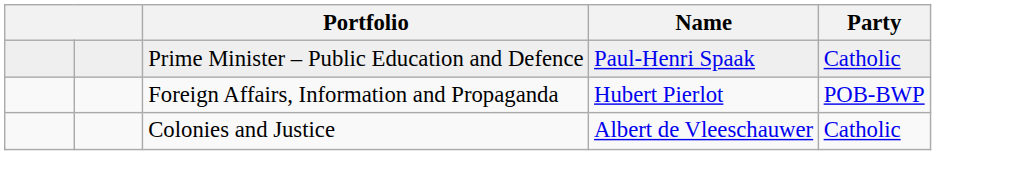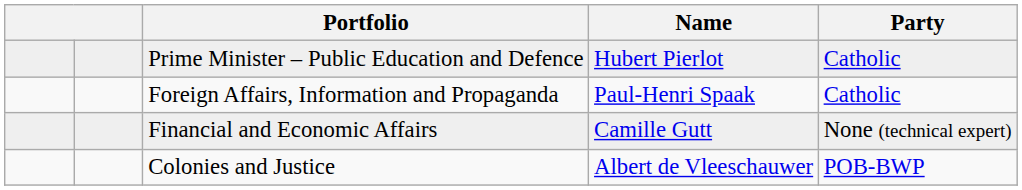 <table class="wikitable sortable">
 <tr>
 <th colspan="2" width=90></th>
 <th>Portfolio</th>
 <th>Name</th>
 <th>Party</th>
 </tr>
 <tr bgcolor="efefef">
 <td style="background: "></td>
 <td></td>
 <td>Prime Minister – Public Education and Defence</td>
-<td><a href='#'>Paul-Henri Spaak</a></td>
+<td><a href='#'>Hubert Pierlot</a></td>
 <td><a href='#'>Catholic</a></td>
 </tr>
 <tr>
 <td style="background: "></td>
 <td></td>
 <td>Foreign Affairs, Information and Propaganda</td>
-<td><a href='#'>Hubert Pierlot</a></td>
-<td><a href='#'>POB-BWP</a></td>
+<td><a href='#'>Paul-Henri Spaak</a></td>
+<td><a href='#'>Catholic</a></td>
+</tr>
+<tr bgcolor="efefef">
+<td></td>
+<td></td>
+<td>Financial and Economic Affairs</td>
+<td><a href='#'>Camille Gutt</a></td>
+<td>None <small>(technical expert)</small></td>
 </tr>
 <tr>
 <td style="background: "></td>
 <td></td>
 <td>Colonies and Justice</td>
 <td><a href='#'>Albert de Vleeschauwer</a></td>
-<td><a href='#'>Catholic</a></td>
+<td><a href='#'>POB-BWP</a></td>
 </tr>
 </table>
